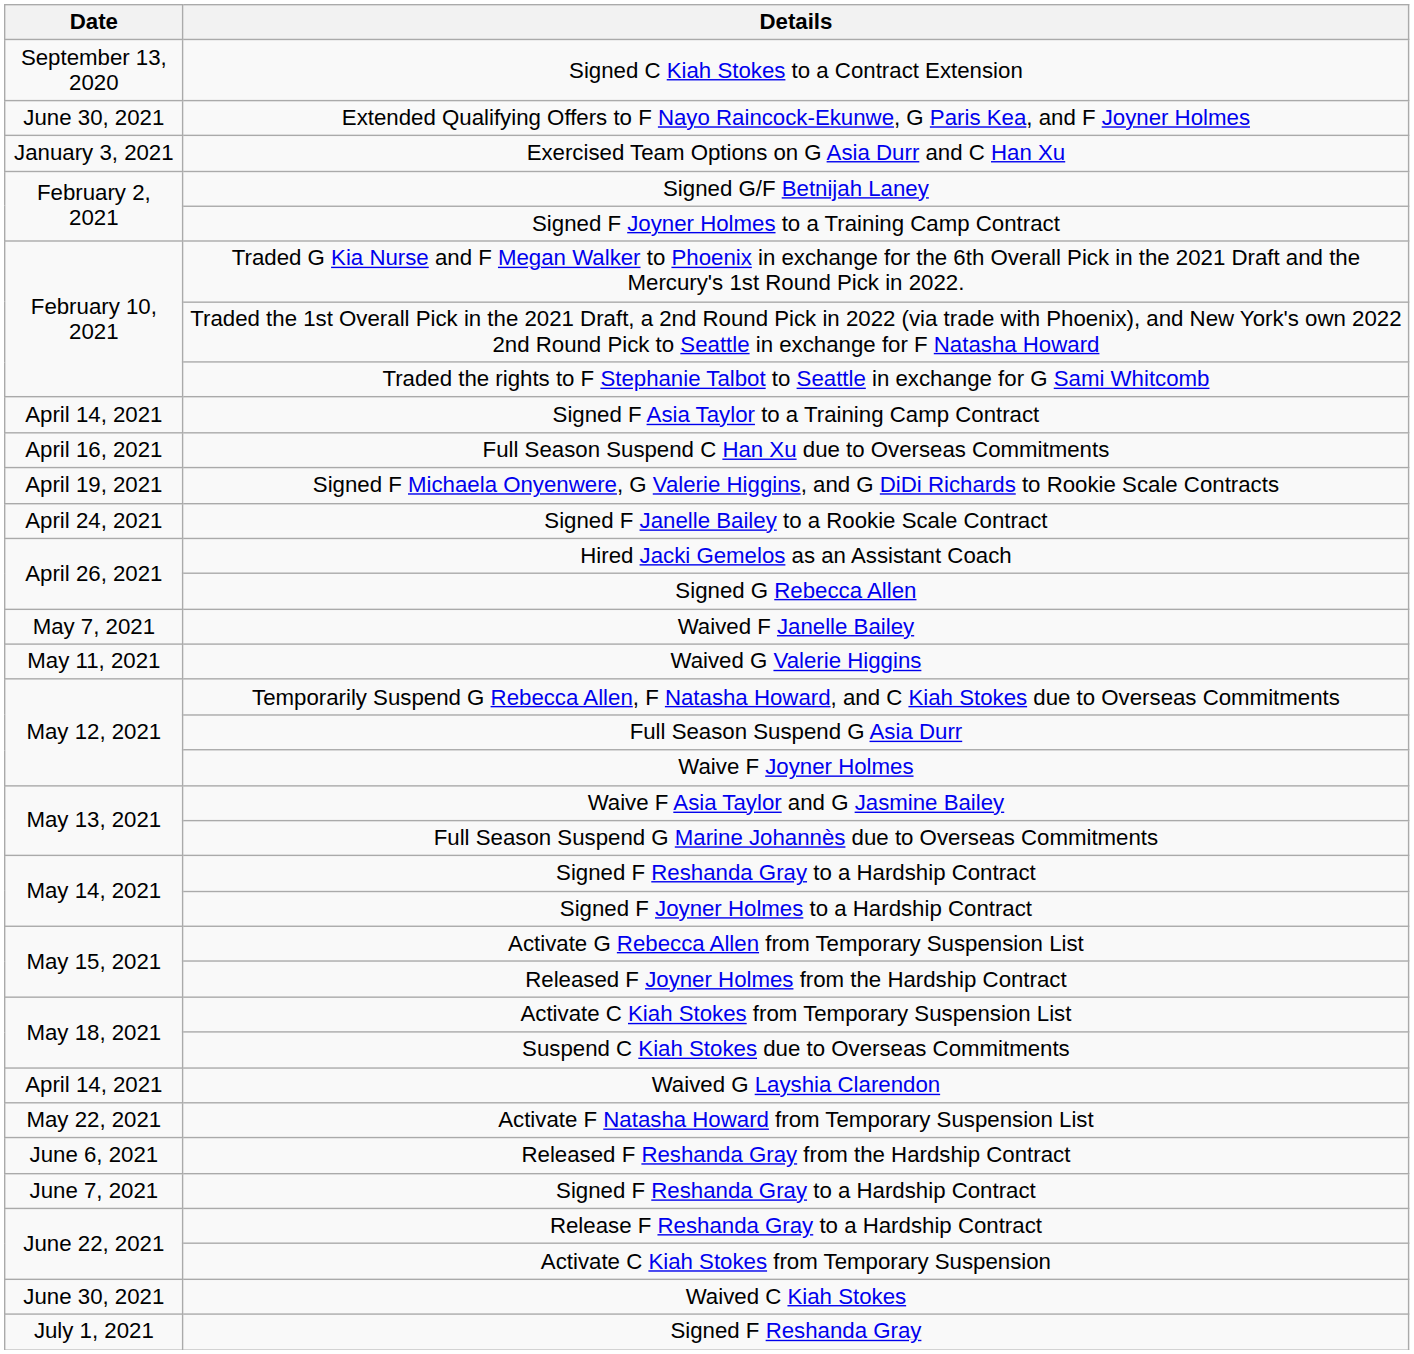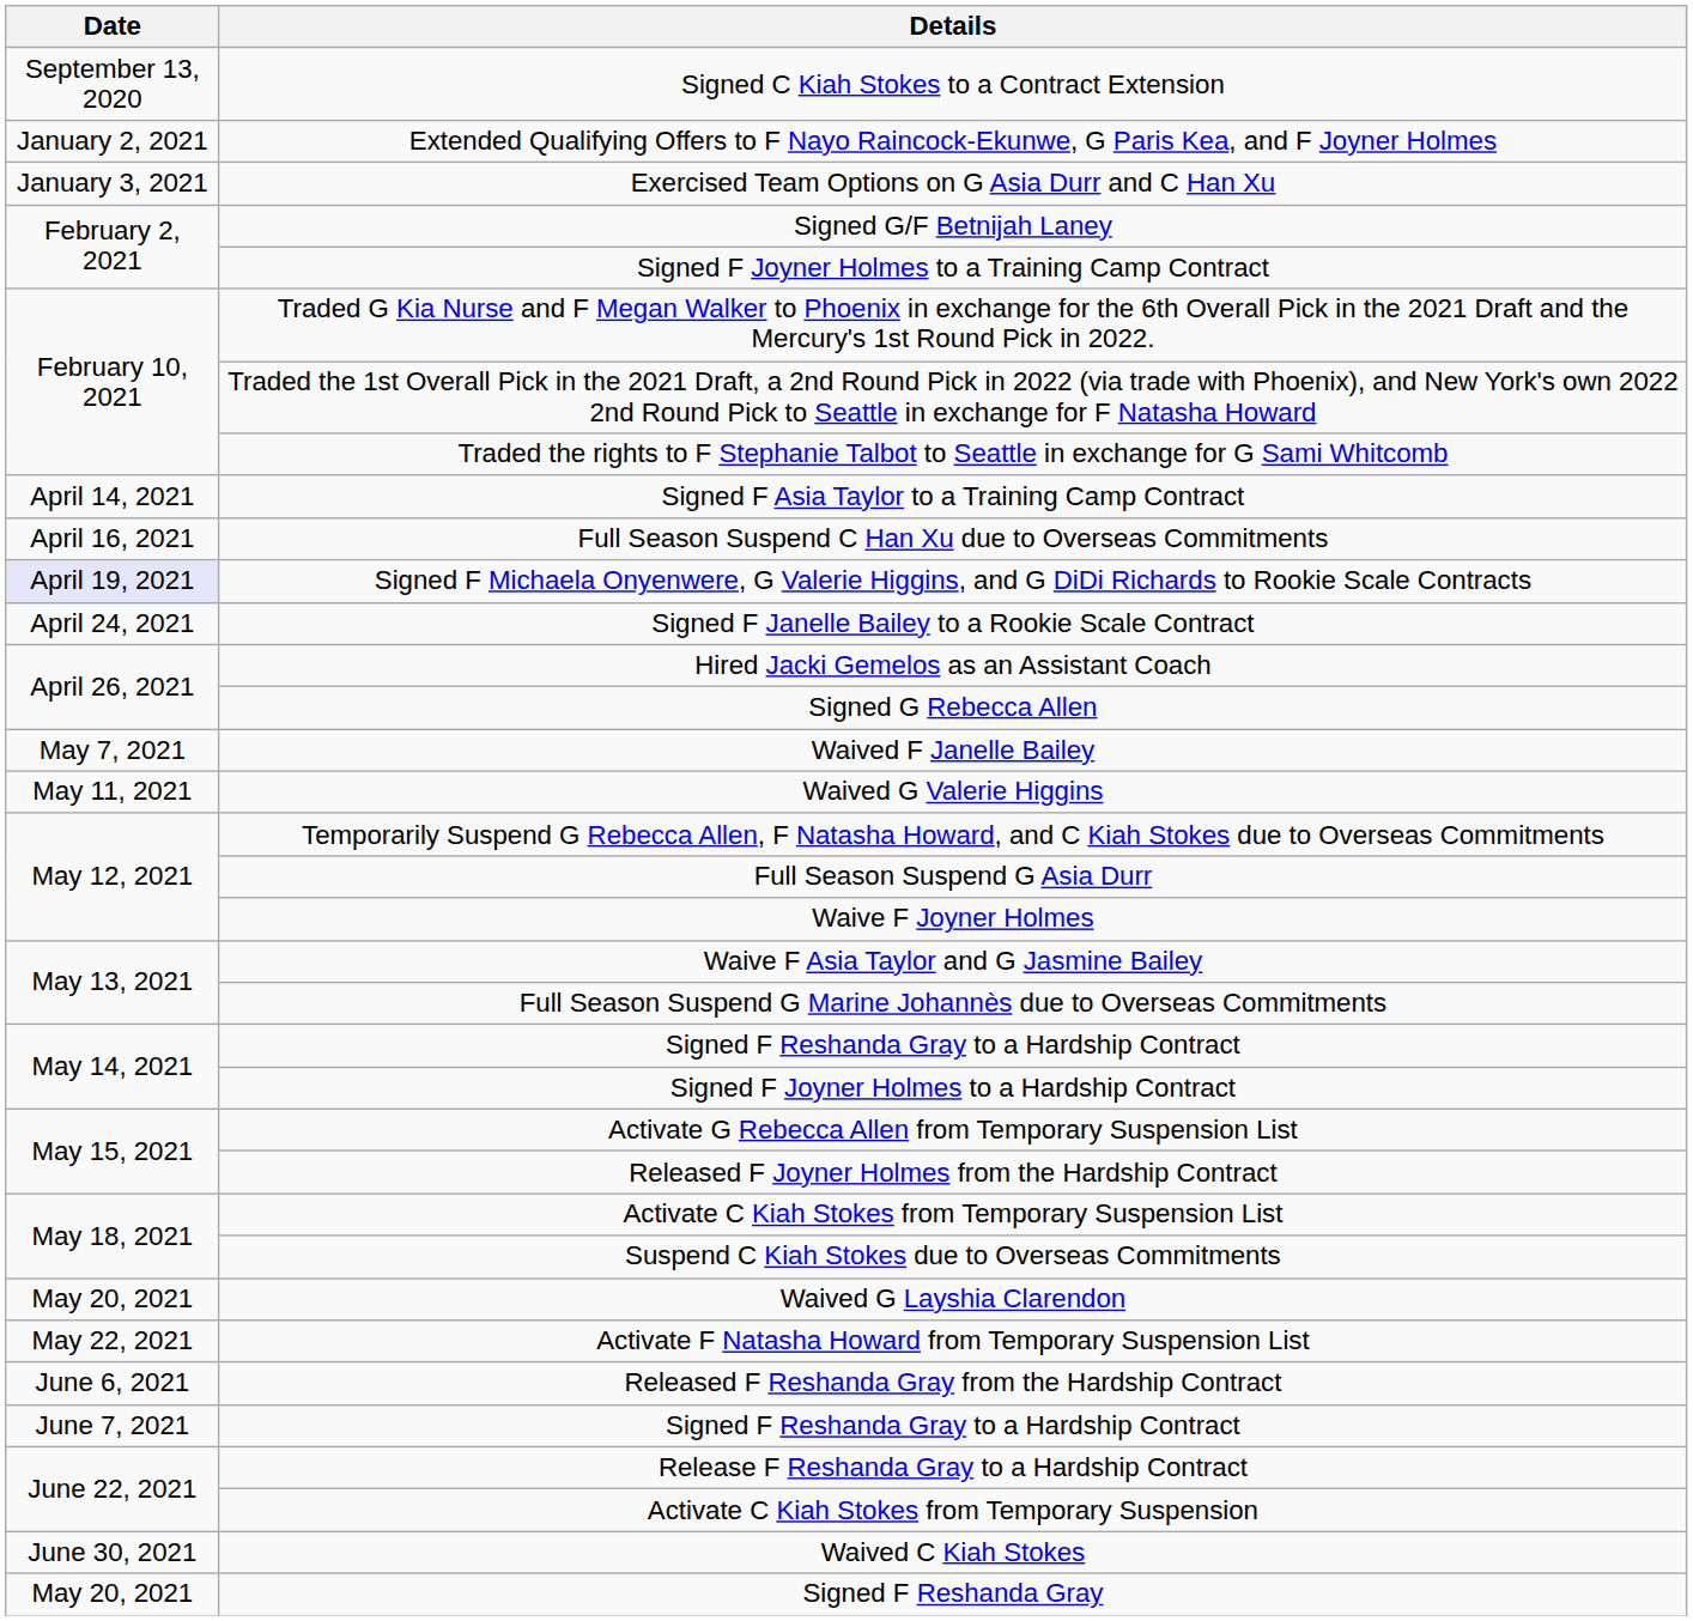 <table class="wikitable" style="width:80%; text-align:center">
 <tr>
 <th>Date</th>
 <th>Details</th>
 </tr>
 <tr>
 <td>September 13, 2020</td>
 <td>Signed C <a href='#'>Kiah Stokes</a> to a Contract Extension</td>
 </tr>
 <tr>
-<td>June 30, 2021</td>
+<td>January 2, 2021</td>
 <td>Extended Qualifying Offers to F <a href='#'>Nayo Raincock-Ekunwe</a>, G <a href='#'>Paris Kea</a>, and F <a href='#'>Joyner Holmes</a></td>
 </tr>
 <tr>
 <td>January 3, 2021</td>
 <td>Exercised Team Options on G <a href='#'>Asia Durr</a> and C <a href='#'>Han Xu</a></td>
 </tr>
 <tr>
 <td rowspan=2>February 2, 2021</td>
 <td>Signed G/F <a href='#'>Betnijah Laney</a></td>
 </tr>
 <tr>
 <td>Signed F <a href='#'>Joyner Holmes</a> to a Training Camp Contract</td>
 </tr>
 <tr>
 <td rowspan=3>February 10, 2021</td>
 <td>Traded G <a href='#'>Kia Nurse</a> and F <a href='#'>Megan Walker</a> to <a href='#'>Phoenix</a> in exchange for the 6th Overall Pick in the 2021 Draft and the Mercury's 1st Round Pick in 2022.</td>
 </tr>
 <tr>
 <td>Traded the 1st Overall Pick in the 2021 Draft, a 2nd Round Pick in 2022 (via trade with Phoenix), and New York's own 2022 2nd Round Pick to <a href='#'>Seattle</a> in exchange for F <a href='#'>Natasha Howard</a></td>
 </tr>
 <tr>
 <td>Traded the rights to F <a href='#'>Stephanie Talbot</a> to <a href='#'>Seattle</a> in exchange for G <a href='#'>Sami Whitcomb</a></td>
 </tr>
 <tr>
 <td>April 14, 2021</td>
 <td>Signed F <a href='#'>Asia Taylor</a> to a Training Camp Contract</td>
 </tr>
 <tr>
 <td>April 16, 2021</td>
 <td>Full Season Suspend C <a href='#'>Han Xu</a> due to Overseas Commitments</td>
 </tr>
 <tr>
-<td>April 19, 2021</td>
+<td style="background: lavender;">April 19, 2021</td>
 <td>Signed F <a href='#'>Michaela Onyenwere</a>, G <a href='#'>Valerie Higgins</a>, and G <a href='#'>DiDi Richards</a> to Rookie Scale Contracts</td>
 </tr>
 <tr>
 <td>April 24, 2021</td>
 <td>Signed F <a href='#'>Janelle Bailey</a> to a Rookie Scale Contract</td>
 </tr>
 <tr>
 <td rowspan=2>April 26, 2021</td>
 <td>Hired <a href='#'>Jacki Gemelos</a> as an Assistant Coach</td>
 </tr>
 <tr>
 <td>Signed G <a href='#'>Rebecca Allen</a></td>
 </tr>
 <tr>
 <td>May 7, 2021</td>
 <td>Waived F <a href='#'>Janelle Bailey</a></td>
 </tr>
 <tr>
 <td>May 11, 2021</td>
 <td>Waived G <a href='#'>Valerie Higgins</a></td>
 </tr>
 <tr>
 <td rowspan=3>May 12, 2021</td>
 <td>Temporarily Suspend G <a href='#'>Rebecca Allen</a>, F <a href='#'>Natasha Howard</a>, and C <a href='#'>Kiah Stokes</a> due to Overseas Commitments</td>
 </tr>
 <tr>
 <td>Full Season Suspend G <a href='#'>Asia Durr</a></td>
 </tr>
 <tr>
 <td>Waive F <a href='#'>Joyner Holmes</a></td>
 </tr>
 <tr>
 <td rowspan=2>May 13, 2021</td>
 <td>Waive F <a href='#'>Asia Taylor</a> and G <a href='#'>Jasmine Bailey</a></td>
 </tr>
 <tr>
 <td>Full Season Suspend G <a href='#'>Marine Johannès</a> due to Overseas Commitments</td>
 </tr>
 <tr>
 <td rowspan=2>May 14, 2021</td>
 <td>Signed F <a href='#'>Reshanda Gray</a> to a Hardship Contract</td>
 </tr>
 <tr>
 <td>Signed F <a href='#'>Joyner Holmes</a> to a Hardship Contract</td>
 </tr>
 <tr>
 <td rowspan=2>May 15, 2021</td>
 <td>Activate G <a href='#'>Rebecca Allen</a> from Temporary Suspension List</td>
 </tr>
 <tr>
 <td>Released F <a href='#'>Joyner Holmes</a> from the Hardship Contract</td>
 </tr>
 <tr>
 <td rowspan=2>May 18, 2021</td>
 <td>Activate C <a href='#'>Kiah Stokes</a> from Temporary Suspension List</td>
 </tr>
 <tr>
 <td>Suspend C <a href='#'>Kiah Stokes</a> due to Overseas Commitments</td>
 </tr>
 <tr>
-<td>April 14, 2021</td>
+<td>May 20, 2021</td>
 <td>Waived G <a href='#'>Layshia Clarendon</a></td>
 </tr>
 <tr>
 <td>May 22, 2021</td>
 <td>Activate F <a href='#'>Natasha Howard</a> from Temporary Suspension List</td>
 </tr>
 <tr>
 <td>June 6, 2021</td>
 <td>Released F <a href='#'>Reshanda Gray</a> from the Hardship Contract</td>
 </tr>
 <tr>
 <td>June 7, 2021</td>
 <td>Signed F <a href='#'>Reshanda Gray</a> to a Hardship Contract</td>
 </tr>
 <tr>
 <td rowspan=2>June 22, 2021</td>
 <td>Release F <a href='#'>Reshanda Gray</a> to a Hardship Contract</td>
 </tr>
 <tr>
 <td>Activate C <a href='#'>Kiah Stokes</a> from Temporary Suspension</td>
 </tr>
 <tr>
 <td>June 30, 2021</td>
 <td>Waived C <a href='#'>Kiah Stokes</a></td>
 </tr>
 <tr>
-<td>July 1, 2021</td>
+<td>May 20, 2021</td>
 <td>Signed F <a href='#'>Reshanda Gray</a></td>
 </tr>
 </table>
